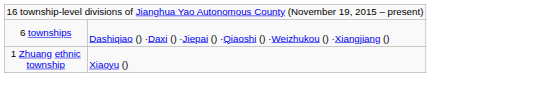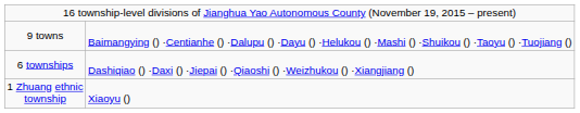 <table class="wikitable">
 <tr>
 <td style="text-align:center;" colspan="2">16 township-level divisions of <a href='#'>Jianghua Yao Autonomous County</a> (November 19, 2015 – present)</td>
+</tr>
+<tr align=left>
+<td align=center>9 towns</td>
+<td><br><a href='#'>Baimangying</a> () ·<a href='#'>Centianhe</a> () ·<a href='#'>Dalupu</a> () ·<a href='#'>Dayu</a> () ·<a href='#'>Helukou</a> () ·<a href='#'>Mashi</a> () ·<a href='#'>Shuikou</a> () ·<a href='#'>Taoyu</a> () ·<a href='#'>Tuojiang</a> ()</td>
 </tr>
 <tr align=left>
 <td align=center>6 <a href='#'>townships</a></td>
 <td><br><a href='#'>Dashiqiao</a> () ·<a href='#'>Daxi</a> () ·<a href='#'>Jiepai</a> () ·<a href='#'>Qiaoshi</a> () ·<a href='#'>Weizhukou</a> () ·<a href='#'>Xiangjiang</a> ()</td>
 </tr>
 <tr align=left>
 <td align=center>1 <a href='#'>Zhuang</a> <a href='#'>ethnic <br>township</a></td>
 <td><br><a href='#'>Xiaoyu</a> ()</td>
 </tr>
 </table>
